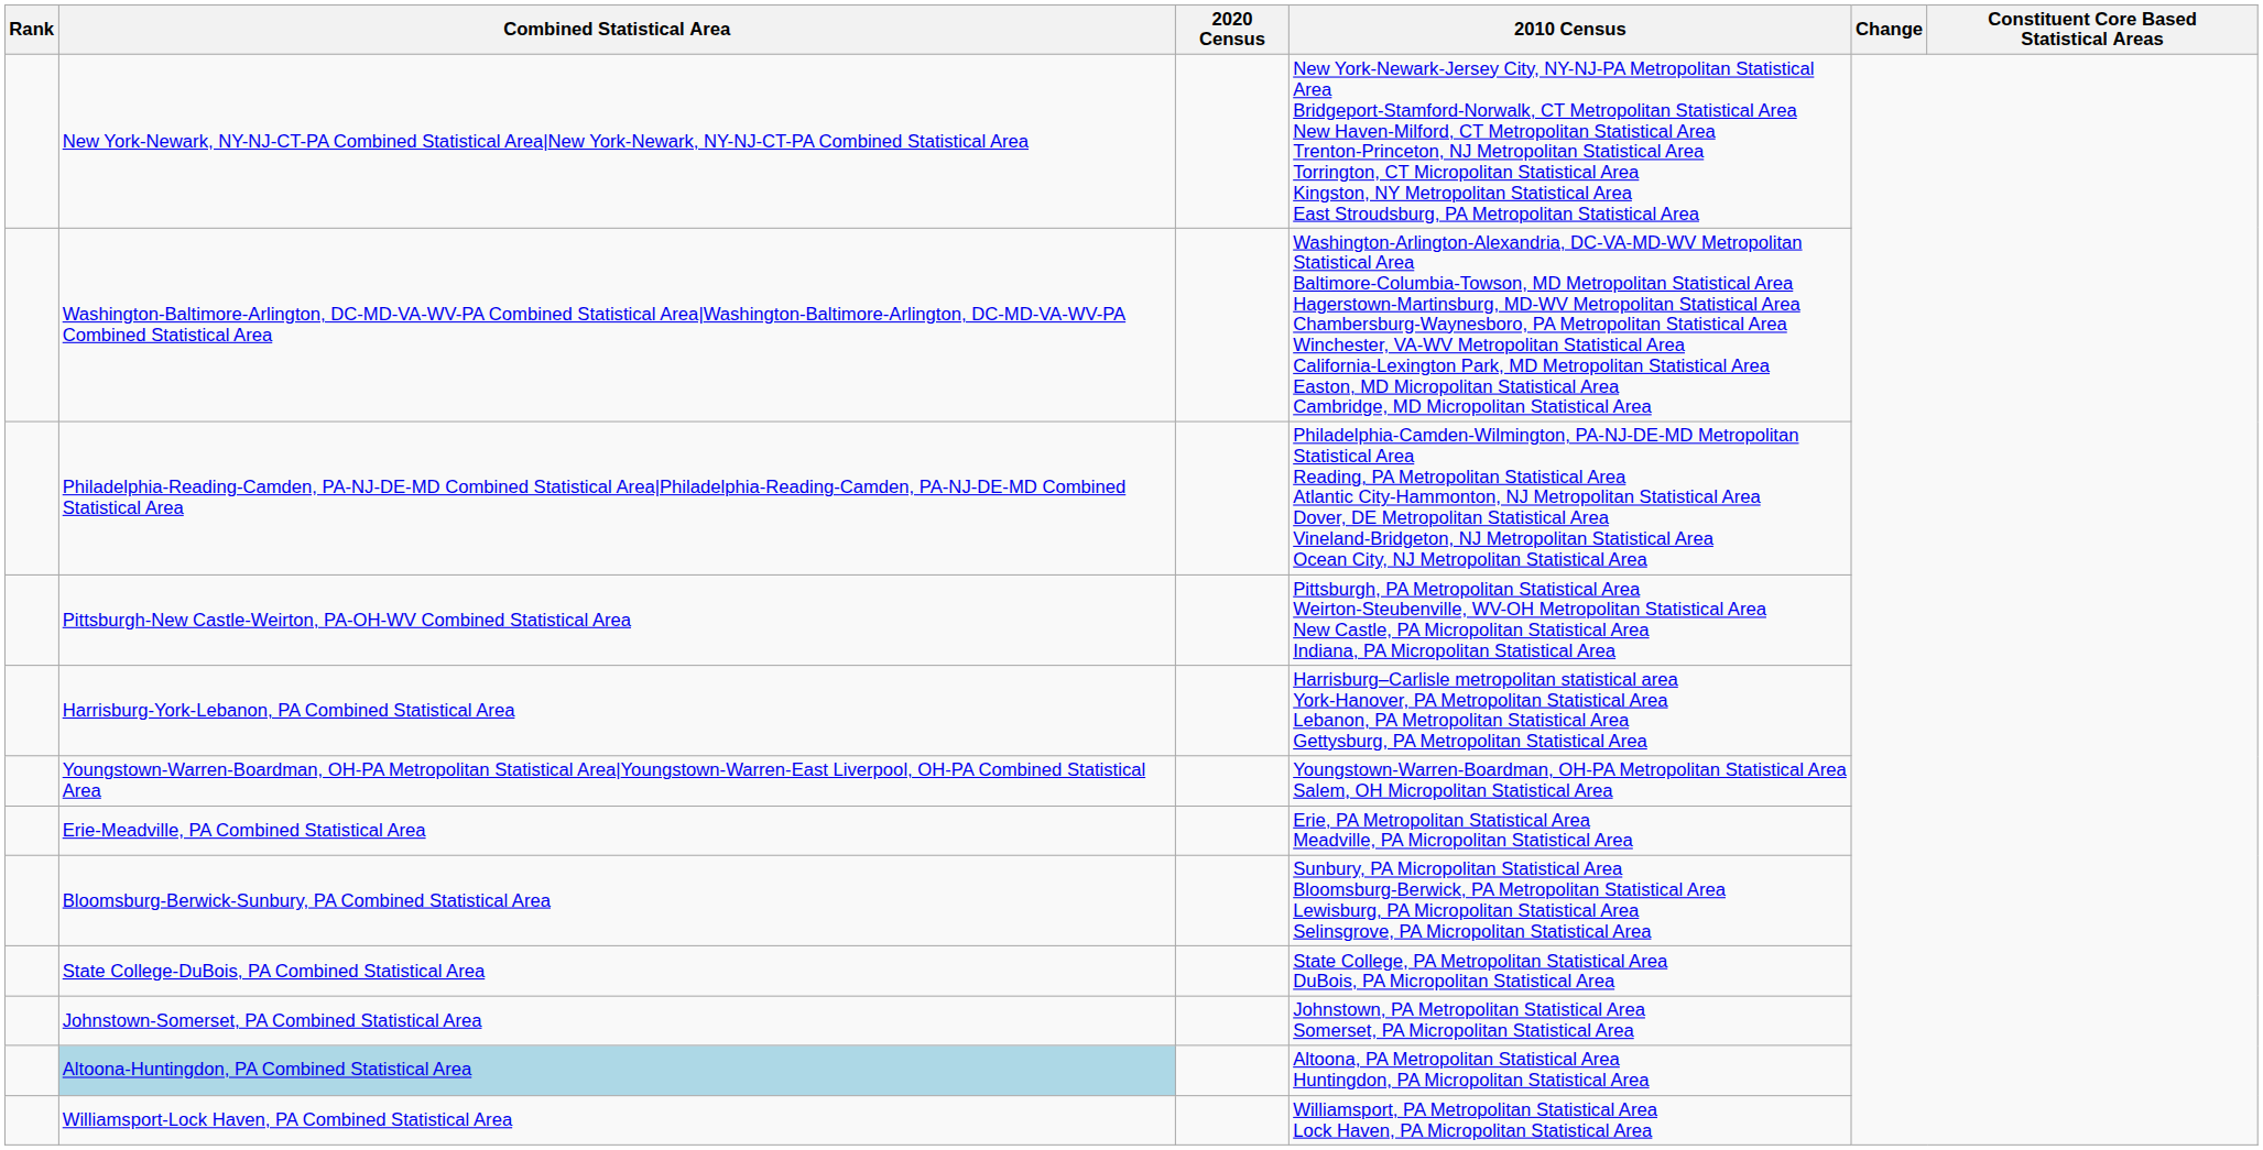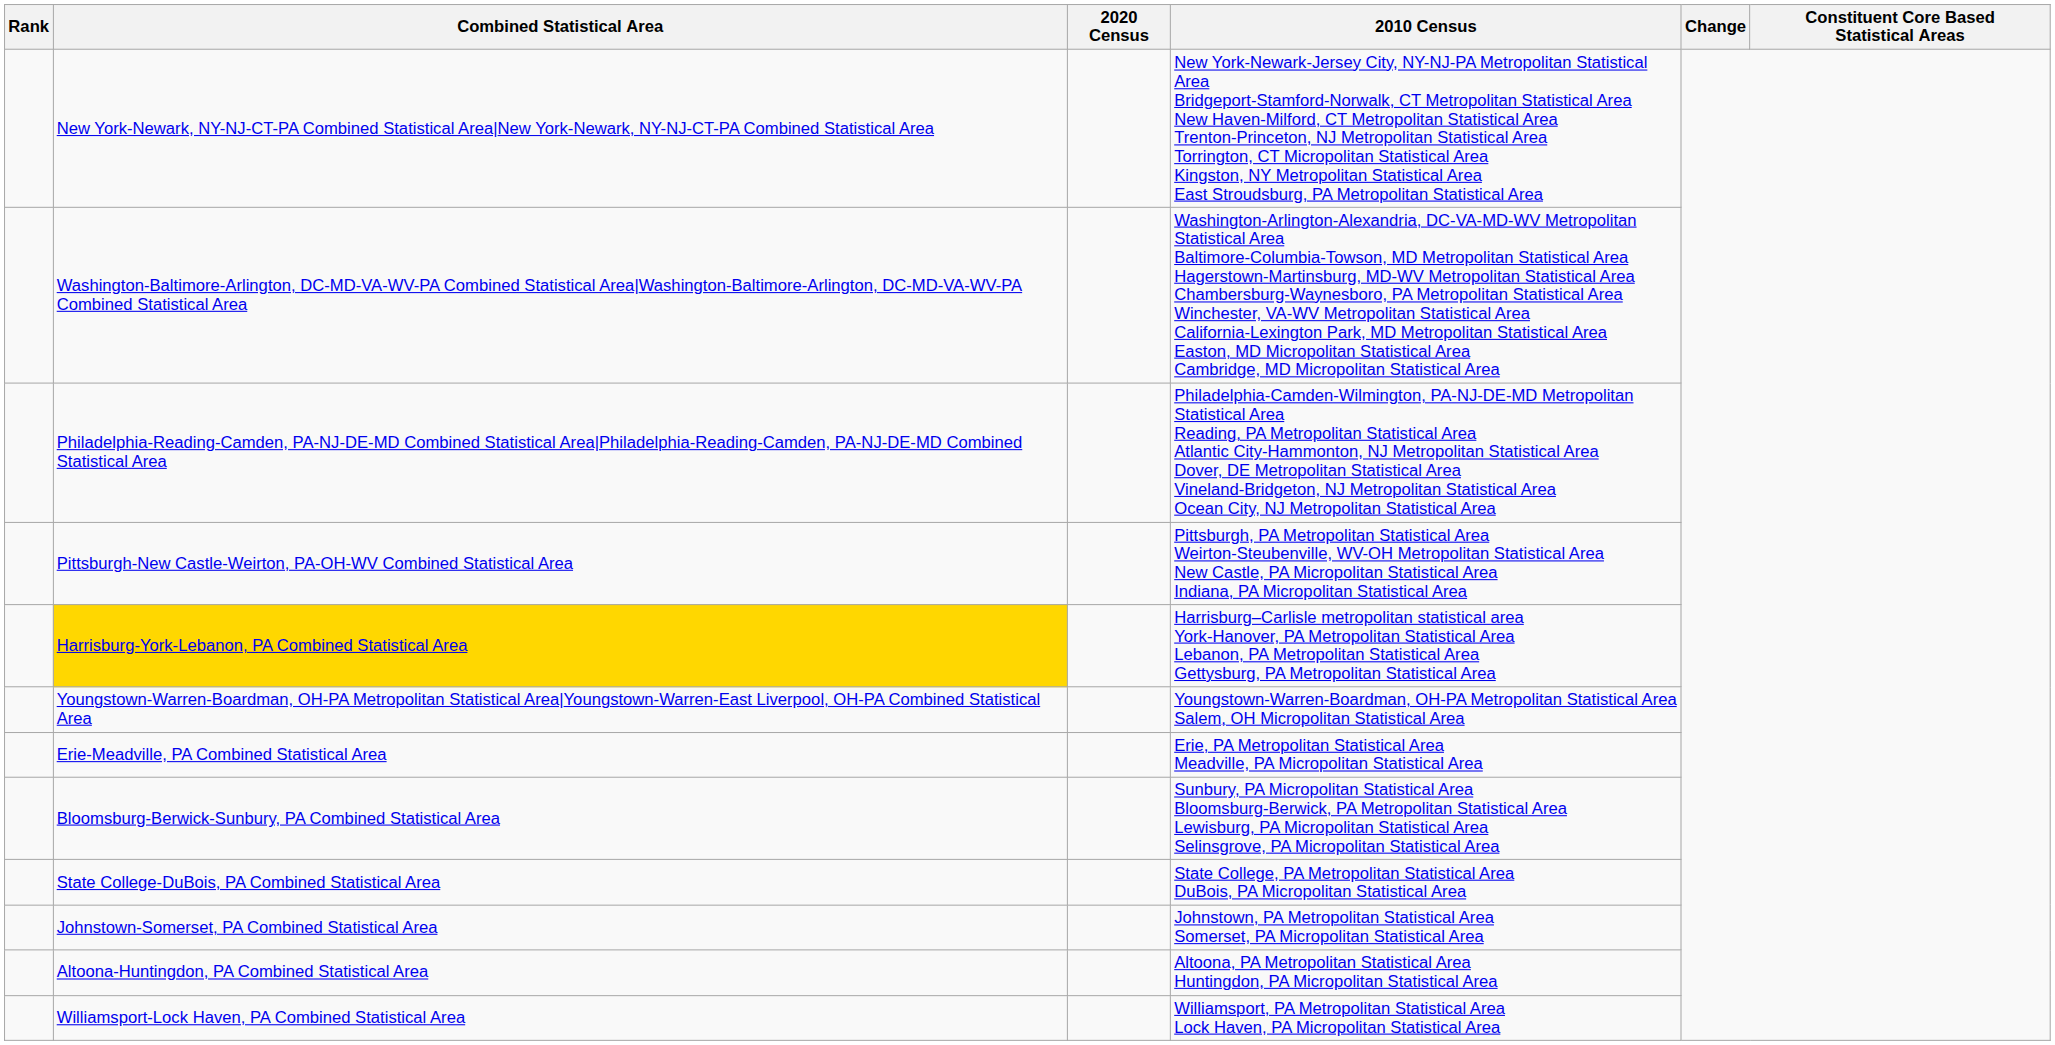 <table class="wikitable sortable">
 <tr>
 <th>Rank</th>
 <th>Combined Statistical Area</th>
 <th data-sort-type="number">2020 Census</th>
 <th data-sort-type="number">2010 Census</th>
 <th data-sort-type="number">Change</th>
 <th>Constituent Core Based Statistical Areas</th>
 </tr>
 <tr>
 <td align=center></td>
 <td><a href='#'>New York-Newark, NY-NJ-CT-PA Combined Statistical Area|<span>New York-Newark, NY-NJ-CT-PA Combined Statistical Area</span></a></td>
 <td></td>
 <td><a href='#'><span>New York-Newark-Jersey City, NY-NJ-PA Metropolitan Statistical Area</span></a><br><a href='#'><span>Bridgeport-Stamford-Norwalk, CT Metropolitan Statistical Area</span></a><br><a href='#'><span>New Haven-Milford, CT Metropolitan Statistical Area</span></a><br><a href='#'><span>Trenton-Princeton, NJ Metropolitan Statistical Area</span></a><br><a href='#'><span>Torrington, CT Micropolitan Statistical Area</span></a><br><a href='#'><span>Kingston, NY Metropolitan Statistical Area</span></a><br><a href='#'>East Stroudsburg, PA Metropolitan Statistical Area</a></td>
 </tr>
 <tr>
 <td align=center></td>
 <td><a href='#'>Washington-Baltimore-Arlington, DC-MD-VA-WV-PA Combined Statistical Area|<span>Washington-Baltimore-Arlington, DC-MD-VA-WV-PA Combined Statistical Area</span></a></td>
 <td></td>
 <td><a href='#'><span>Washington-Arlington-Alexandria, DC-VA-MD-WV Metropolitan Statistical Area</span></a><br><a href='#'><span>Baltimore-Columbia-Towson, MD Metropolitan Statistical Area</span></a><br><a href='#'><span>Hagerstown-Martinsburg, MD-WV Metropolitan Statistical Area</span></a><br><a href='#'>Chambersburg-Waynesboro, PA Metropolitan Statistical Area</a><br><a href='#'><span>Winchester, VA-WV Metropolitan Statistical Area</span></a><br><a href='#'><span>California-Lexington Park, MD Metropolitan Statistical Area</span></a><br><a href='#'><span>Easton, MD Micropolitan Statistical Area</span></a><br><a href='#'><span>Cambridge, MD Micropolitan Statistical Area</span></a></td>
 </tr>
 <tr>
 <td align=center></td>
 <td><a href='#'>Philadelphia-Reading-Camden, PA-NJ-DE-MD Combined Statistical Area|<span>Philadelphia-Reading-Camden, PA-NJ-DE-MD Combined Statistical Area</span></a></td>
 <td></td>
 <td><a href='#'><span>Philadelphia-Camden-Wilmington, PA-NJ-DE-MD Metropolitan Statistical Area</span></a><br><a href='#'>Reading, PA Metropolitan Statistical Area</a><br><a href='#'><span>Atlantic City-Hammonton, NJ Metropolitan Statistical Area</span></a><br><a href='#'><span>Dover, DE Metropolitan Statistical Area</span></a><br><a href='#'><span>Vineland-Bridgeton, NJ Metropolitan Statistical Area</span></a><br><a href='#'><span>Ocean City, NJ Metropolitan Statistical Area</span></a></td>
 </tr>
 <tr>
 <td align=center></td>
 <td><a href='#'><span>Pittsburgh-New Castle-Weirton, PA-OH-WV Combined Statistical Area</span></a></td>
 <td></td>
 <td><a href='#'>Pittsburgh, PA Metropolitan Statistical Area</a><br><a href='#'><span>Weirton-Steubenville, WV-OH Metropolitan Statistical Area</span></a><br><a href='#'>New Castle, PA Micropolitan Statistical Area</a><br><a href='#'>Indiana, PA Micropolitan Statistical Area</a></td>
 </tr>
 <tr>
 <td align=center></td>
-<td><a href='#'>Harrisburg-York-Lebanon, PA Combined Statistical Area</a></td>
+<td style="background: gold;"><a href='#'>Harrisburg-York-Lebanon, PA Combined Statistical Area</a></td>
 <td></td>
 <td><a href='#'>Harrisburg–Carlisle metropolitan statistical area</a><br><a href='#'>York-Hanover, PA Metropolitan Statistical Area</a><br><a href='#'>Lebanon, PA Metropolitan Statistical Area</a><br><a href='#'>Gettysburg, PA Metropolitan Statistical Area</a></td>
 </tr>
 <tr>
 <td align=center></td>
 <td><a href='#'>Youngstown-Warren-Boardman, OH-PA Metropolitan Statistical Area|<span>Youngstown-Warren-East Liverpool, OH-PA Combined Statistical Area</span></a></td>
 <td></td>
 <td><a href='#'><span>Youngstown-Warren-Boardman, OH-PA Metropolitan Statistical Area</span></a><br><a href='#'><span>Salem, OH Micropolitan Statistical Area</span></a></td>
 </tr>
 <tr>
 <td align=center></td>
 <td><a href='#'>Erie-Meadville, PA Combined Statistical Area</a></td>
 <td></td>
 <td><a href='#'>Erie, PA Metropolitan Statistical Area</a><br><a href='#'>Meadville, PA Micropolitan Statistical Area</a></td>
 </tr>
 <tr>
 <td align=center></td>
 <td><a href='#'>Bloomsburg-Berwick-Sunbury, PA Combined Statistical Area</a></td>
 <td></td>
 <td><a href='#'>Sunbury, PA Micropolitan Statistical Area</a><br><a href='#'>Bloomsburg-Berwick, PA Metropolitan Statistical Area</a><br><a href='#'>Lewisburg, PA Micropolitan Statistical Area</a><br><a href='#'>Selinsgrove, PA Micropolitan Statistical Area</a></td>
 </tr>
 <tr>
 <td align=center></td>
 <td><a href='#'>State College-DuBois, PA Combined Statistical Area</a></td>
 <td></td>
 <td><a href='#'>State College, PA Metropolitan Statistical Area</a><br><a href='#'>DuBois, PA Micropolitan Statistical Area</a></td>
 </tr>
 <tr>
 <td align=center></td>
 <td><a href='#'>Johnstown-Somerset, PA Combined Statistical Area</a></td>
 <td></td>
 <td><a href='#'>Johnstown, PA Metropolitan Statistical Area</a><br><a href='#'>Somerset, PA Micropolitan Statistical Area</a></td>
 </tr>
 <tr>
 <td align=center></td>
-<td style="background: lightblue;"><a href='#'>Altoona-Huntingdon, PA Combined Statistical Area</a></td>
+<td><a href='#'>Altoona-Huntingdon, PA Combined Statistical Area</a></td>
 <td></td>
 <td><a href='#'>Altoona, PA Metropolitan Statistical Area</a><br><a href='#'>Huntingdon, PA Micropolitan Statistical Area</a></td>
 </tr>
 <tr>
 <td align=center></td>
 <td><a href='#'>Williamsport-Lock Haven, PA Combined Statistical Area</a></td>
 <td></td>
 <td><a href='#'>Williamsport, PA Metropolitan Statistical Area</a><br><a href='#'>Lock Haven, PA Micropolitan Statistical Area</a></td>
 </tr>
 </table>
